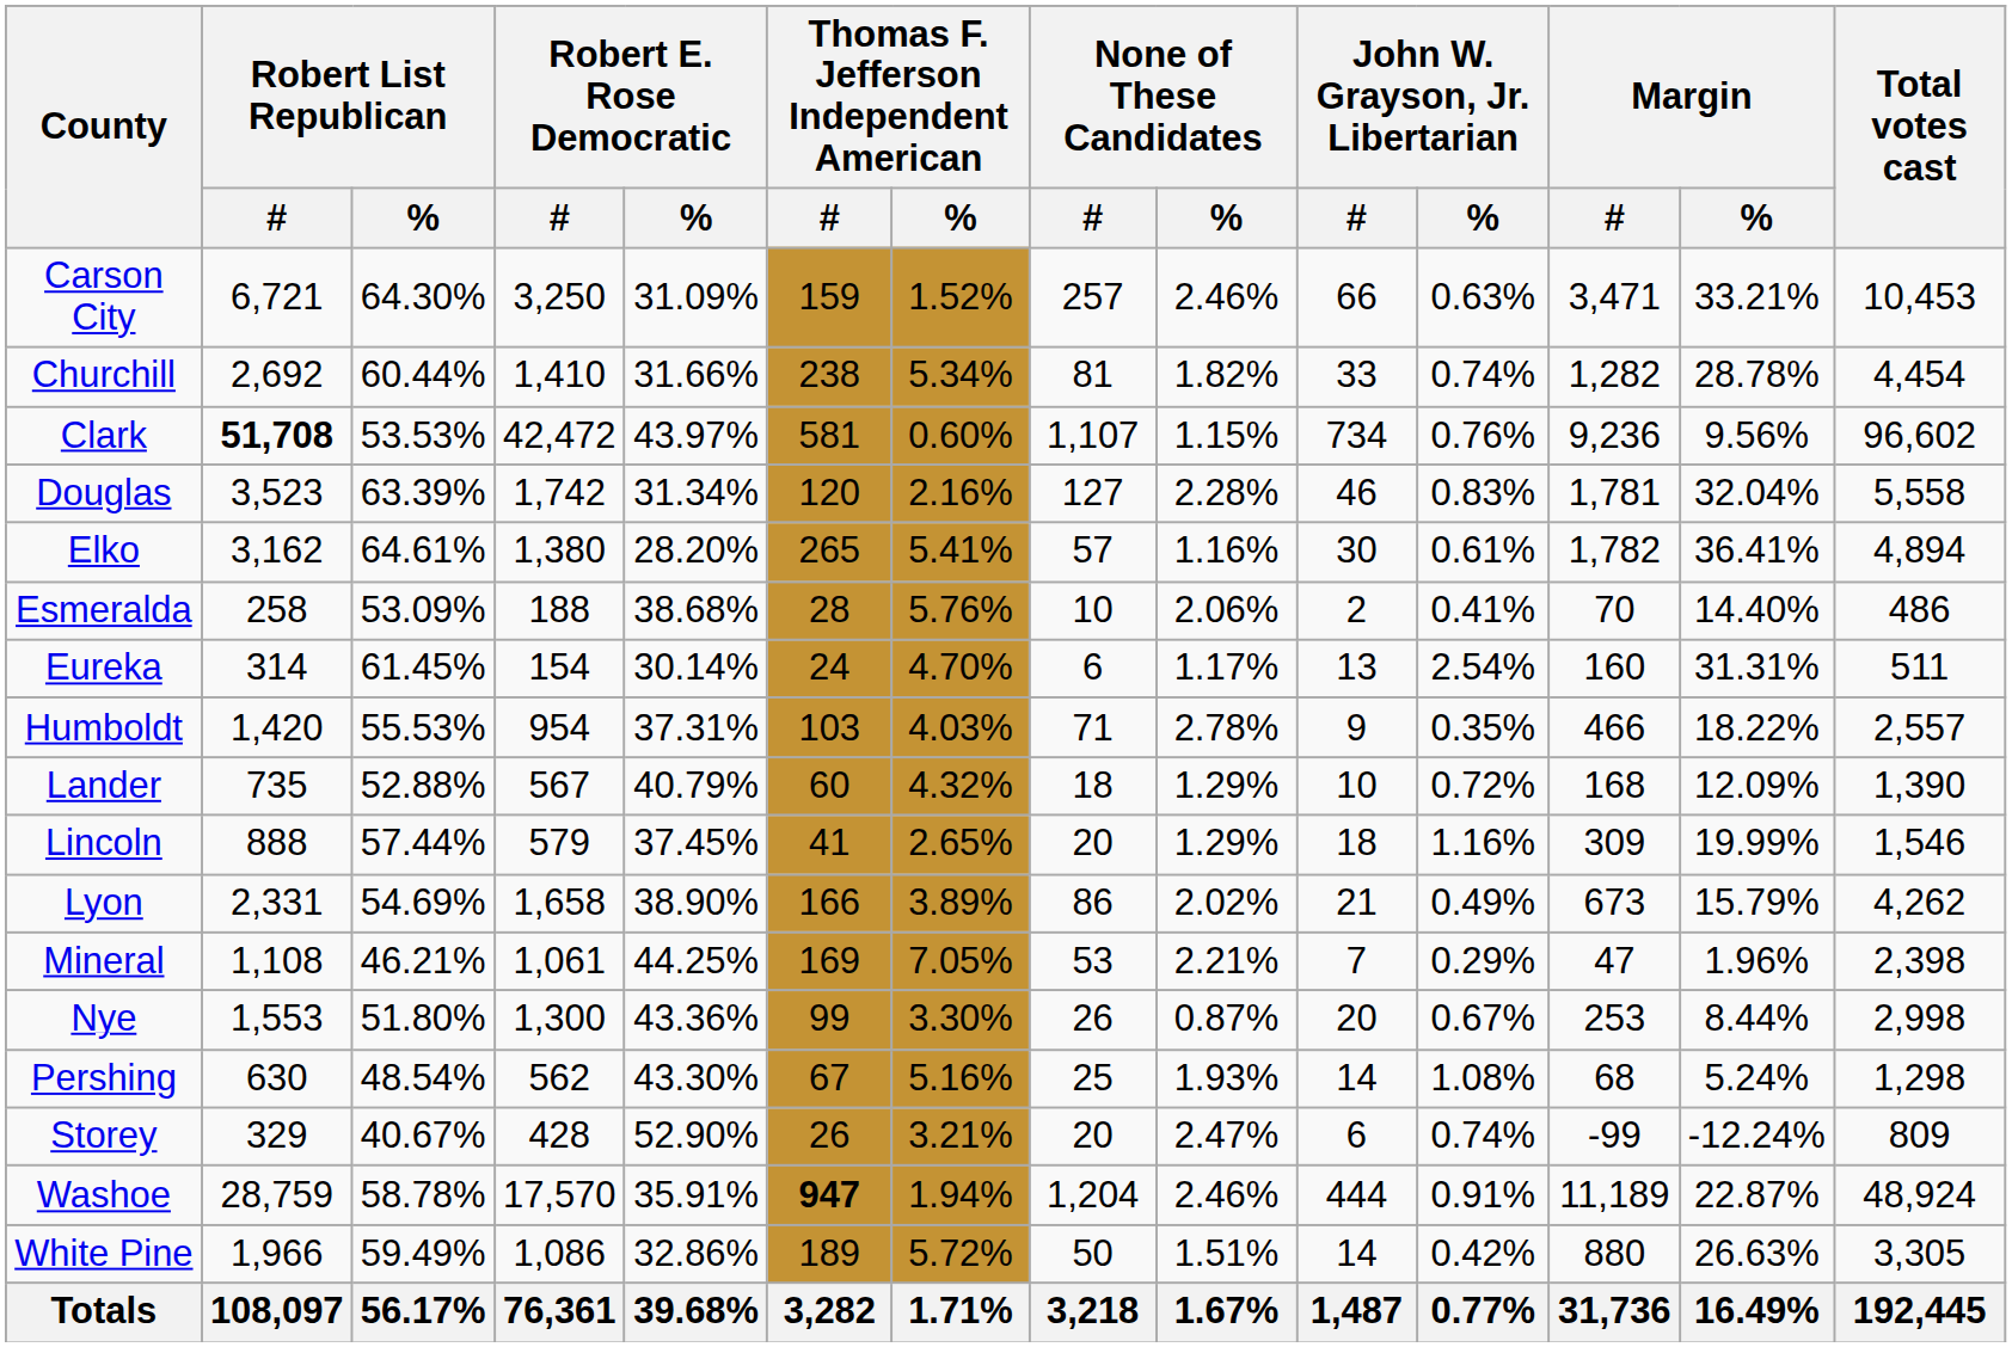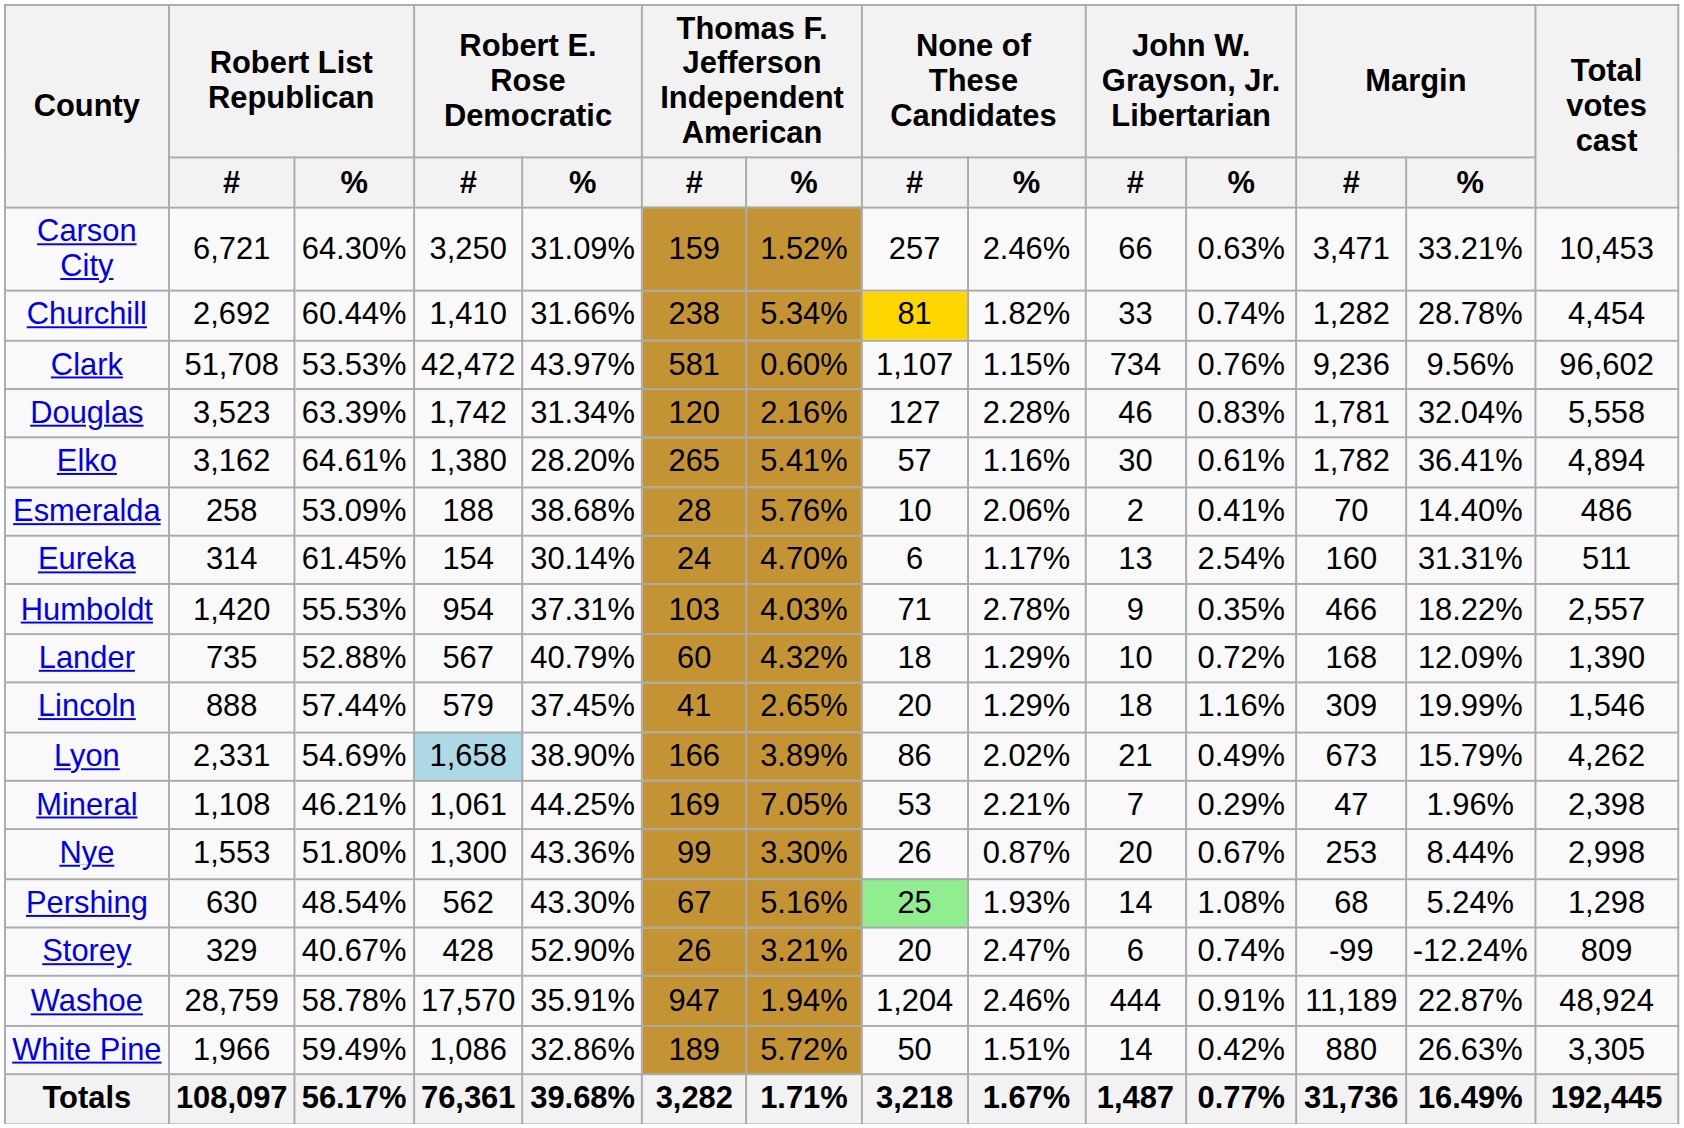 <table class="wikitable sortable" style="text-align:center">
 <tr>
 <th rowspan="2">County</th>
 <th style="text-align:center;" colspan="2">Robert List<br>Republican</th>
 <th style="text-align:center;" colspan="2">Robert E. Rose<br>Democratic</th>
 <th style="text-align:center;" colspan="2">Thomas F. Jefferson<br>Independent American</th>
 <th style="text-align:center;" colspan="2">None of These Candidates</th>
 <th style="text-align:center;" colspan="2">John W. Grayson, Jr.<br>Libertarian</th>
 <th style="text-align:center;" colspan="2">Margin</th>
 <th style="text-align:center;" rowspan="2">Total votes cast</th>
 </tr>
 <tr>
 <th style="text-align:center;" data-sort-type="number">#</th>
 <th style="text-align:center;" data-sort-type="number">%</th>
 <th style="text-align:center;" data-sort-type="number">#</th>
 <th style="text-align:center;" data-sort-type="number">%</th>
 <th style="text-align:center;" data-sort-type="number">#</th>
 <th style="text-align:center;" data-sort-type="number">%</th>
 <th style="text-align:center;" data-sort-type="number">#</th>
 <th style="text-align:center;" data-sort-type="number">%</th>
 <th style="text-align:center;" data-sort-type="number">#</th>
 <th style="text-align:center;" data-sort-type="number">%</th>
 <th style="text-align:center;" data-sort-type="number">#</th>
 <th style="text-align:center;" data-sort-type="number">%</th>
 </tr>
 <tr style="text-align:center;">
 <td><a href='#'>Carson City</a></td>
 <td>6,721</td>
 <td>64.30%</td>
 <td>3,250</td>
 <td>31.09%</td>
 <td bgcolor="#c49334">159</td>
 <td bgcolor="#c49334">1.52%</td>
 <td>257</td>
 <td>2.46%</td>
 <td>66</td>
 <td>0.63%</td>
 <td>3,471</td>
 <td>33.21%</td>
 <td>10,453</td>
 </tr>
 <tr style="text-align:center;">
 <td><a href='#'>Churchill</a></td>
 <td>2,692</td>
 <td>60.44%</td>
 <td>1,410</td>
 <td>31.66%</td>
 <td bgcolor="#c49334">238</td>
 <td bgcolor="#c49334">5.34%</td>
-<td>81</td>
+<td style="background: gold;">81</td>
 <td>1.82%</td>
 <td>33</td>
 <td>0.74%</td>
 <td>1,282</td>
 <td>28.78%</td>
 <td>4,454</td>
 </tr>
 <tr style="text-align:center;">
 <td><a href='#'>Clark</a></td>
-<td><strong>51,708</strong></td>
+<td>51,708</td>
 <td>53.53%</td>
 <td>42,472</td>
 <td>43.97%</td>
 <td bgcolor="#c49334">581</td>
 <td bgcolor="#c49334">0.60%</td>
 <td>1,107</td>
 <td>1.15%</td>
 <td>734</td>
 <td>0.76%</td>
 <td>9,236</td>
 <td>9.56%</td>
 <td>96,602</td>
 </tr>
 <tr style="text-align:center;">
 <td><a href='#'>Douglas</a></td>
 <td>3,523</td>
 <td>63.39%</td>
 <td>1,742</td>
 <td>31.34%</td>
 <td bgcolor="#c49334">120</td>
 <td bgcolor="#c49334">2.16%</td>
 <td>127</td>
 <td>2.28%</td>
 <td>46</td>
 <td>0.83%</td>
 <td>1,781</td>
 <td>32.04%</td>
 <td>5,558</td>
 </tr>
 <tr style="text-align:center;">
 <td><a href='#'>Elko</a></td>
 <td>3,162</td>
 <td>64.61%</td>
 <td>1,380</td>
 <td>28.20%</td>
 <td bgcolor="#c49334">265</td>
 <td bgcolor="#c49334">5.41%</td>
 <td>57</td>
 <td>1.16%</td>
 <td>30</td>
 <td>0.61%</td>
 <td>1,782</td>
 <td>36.41%</td>
 <td>4,894</td>
 </tr>
 <tr style="text-align:center;">
 <td><a href='#'>Esmeralda</a></td>
 <td>258</td>
 <td>53.09%</td>
 <td>188</td>
 <td>38.68%</td>
 <td bgcolor="#c49334">28</td>
 <td bgcolor="#c49334">5.76%</td>
 <td>10</td>
 <td>2.06%</td>
 <td>2</td>
 <td>0.41%</td>
 <td>70</td>
 <td>14.40%</td>
 <td>486</td>
 </tr>
 <tr style="text-align:center;">
 <td><a href='#'>Eureka</a></td>
 <td>314</td>
 <td>61.45%</td>
 <td>154</td>
 <td>30.14%</td>
 <td bgcolor="#c49334">24</td>
 <td bgcolor="#c49334">4.70%</td>
 <td>6</td>
 <td>1.17%</td>
 <td>13</td>
 <td>2.54%</td>
 <td>160</td>
 <td>31.31%</td>
 <td>511</td>
 </tr>
 <tr style="text-align:center;">
 <td><a href='#'>Humboldt</a></td>
 <td>1,420</td>
 <td>55.53%</td>
 <td>954</td>
 <td>37.31%</td>
 <td bgcolor="#c49334">103</td>
 <td bgcolor="#c49334">4.03%</td>
 <td>71</td>
 <td>2.78%</td>
 <td>9</td>
 <td>0.35%</td>
 <td>466</td>
 <td>18.22%</td>
 <td>2,557</td>
 </tr>
 <tr style="text-align:center;">
 <td><a href='#'>Lander</a></td>
 <td>735</td>
 <td>52.88%</td>
 <td>567</td>
 <td>40.79%</td>
 <td bgcolor="#c49334">60</td>
 <td bgcolor="#c49334">4.32%</td>
 <td>18</td>
 <td>1.29%</td>
 <td>10</td>
 <td>0.72%</td>
 <td>168</td>
 <td>12.09%</td>
 <td>1,390</td>
 </tr>
 <tr style="text-align:center;">
 <td><a href='#'>Lincoln</a></td>
 <td>888</td>
 <td>57.44%</td>
 <td>579</td>
 <td>37.45%</td>
 <td bgcolor="#c49334">41</td>
 <td bgcolor="#c49334">2.65%</td>
 <td>20</td>
 <td>1.29%</td>
 <td>18</td>
 <td>1.16%</td>
 <td>309</td>
 <td>19.99%</td>
 <td>1,546</td>
 </tr>
 <tr style="text-align:center;">
 <td><a href='#'>Lyon</a></td>
 <td>2,331</td>
 <td>54.69%</td>
-<td>1,658</td>
+<td style="background: lightblue;">1,658</td>
 <td>38.90%</td>
 <td bgcolor="#c49334">166</td>
 <td bgcolor="#c49334">3.89%</td>
 <td>86</td>
 <td>2.02%</td>
 <td>21</td>
 <td>0.49%</td>
 <td>673</td>
 <td>15.79%</td>
 <td>4,262</td>
 </tr>
 <tr style="text-align:center;">
 <td><a href='#'>Mineral</a></td>
 <td>1,108</td>
 <td>46.21%</td>
 <td>1,061</td>
 <td>44.25%</td>
 <td bgcolor="#c49334">169</td>
 <td bgcolor="#c49334">7.05%</td>
 <td>53</td>
 <td>2.21%</td>
 <td>7</td>
 <td>0.29%</td>
 <td>47</td>
 <td>1.96%</td>
 <td>2,398</td>
 </tr>
 <tr style="text-align:center;">
 <td><a href='#'>Nye</a></td>
 <td>1,553</td>
 <td>51.80%</td>
 <td>1,300</td>
 <td>43.36%</td>
 <td bgcolor="#c49334">99</td>
 <td bgcolor="#c49334">3.30%</td>
 <td>26</td>
 <td>0.87%</td>
 <td>20</td>
 <td>0.67%</td>
 <td>253</td>
 <td>8.44%</td>
 <td>2,998</td>
 </tr>
 <tr style="text-align:center;">
 <td><a href='#'>Pershing</a></td>
 <td>630</td>
 <td>48.54%</td>
 <td>562</td>
 <td>43.30%</td>
 <td bgcolor="#c49334">67</td>
 <td bgcolor="#c49334">5.16%</td>
-<td>25</td>
+<td style="background: lightgreen;">25</td>
 <td>1.93%</td>
 <td>14</td>
 <td>1.08%</td>
 <td>68</td>
 <td>5.24%</td>
 <td>1,298</td>
 </tr>
 <tr style="text-align:center;">
 <td><a href='#'>Storey</a></td>
 <td>329</td>
 <td>40.67%</td>
 <td>428</td>
 <td>52.90%</td>
 <td bgcolor="#c49334">26</td>
 <td bgcolor="#c49334">3.21%</td>
 <td>20</td>
 <td>2.47%</td>
 <td>6</td>
 <td>0.74%</td>
 <td>-99</td>
 <td>-12.24%</td>
 <td>809</td>
 </tr>
 <tr style="text-align:center;">
 <td><a href='#'>Washoe</a></td>
 <td>28,759</td>
 <td>58.78%</td>
 <td>17,570</td>
 <td>35.91%</td>
-<td bgcolor="#c49334"><strong>947</strong></td>
+<td bgcolor="#c49334">947</td>
 <td bgcolor="#c49334">1.94%</td>
 <td>1,204</td>
 <td>2.46%</td>
 <td>444</td>
 <td>0.91%</td>
 <td>11,189</td>
 <td>22.87%</td>
 <td>48,924</td>
 </tr>
 <tr style="text-align:center;">
 <td><a href='#'>White Pine</a></td>
 <td>1,966</td>
 <td>59.49%</td>
 <td>1,086</td>
 <td>32.86%</td>
 <td bgcolor="#c49334">189</td>
 <td bgcolor="#c49334">5.72%</td>
 <td>50</td>
 <td>1.51%</td>
 <td>14</td>
 <td>0.42%</td>
 <td>880</td>
 <td>26.63%</td>
 <td>3,305</td>
 </tr>
 <tr style="text-align:center;">
 <th>Totals</th>
 <th>108,097</th>
 <th>56.17%</th>
 <th>76,361</th>
 <th>39.68%</th>
 <th>3,282</th>
 <th>1.71%</th>
 <th>3,218</th>
 <th>1.67%</th>
 <th>1,487</th>
 <th>0.77%</th>
 <th>31,736</th>
 <th>16.49%</th>
 <th>192,445</th>
 </tr>
 </table>
